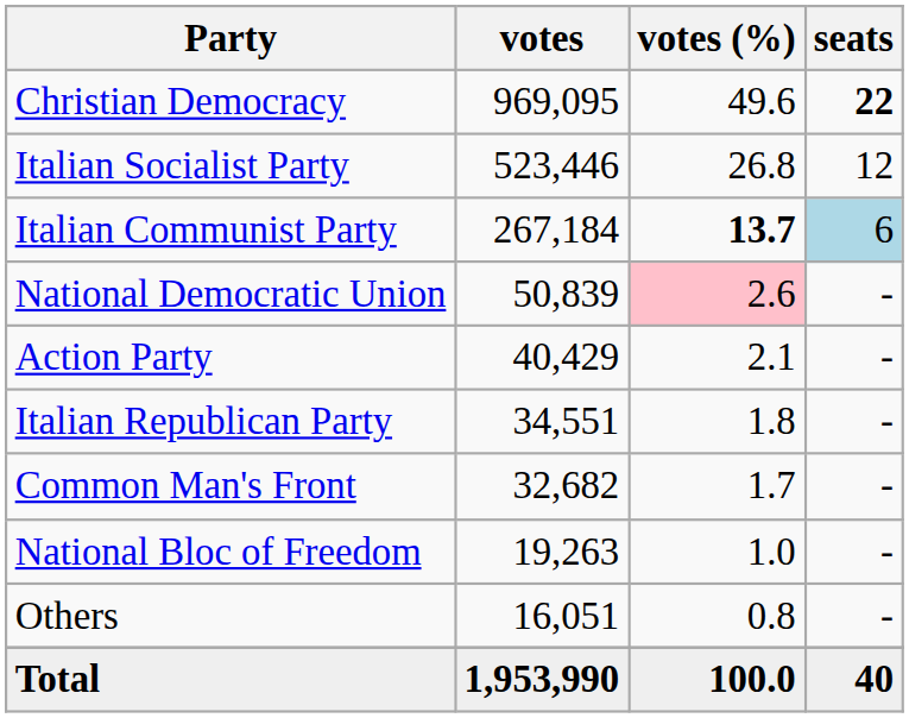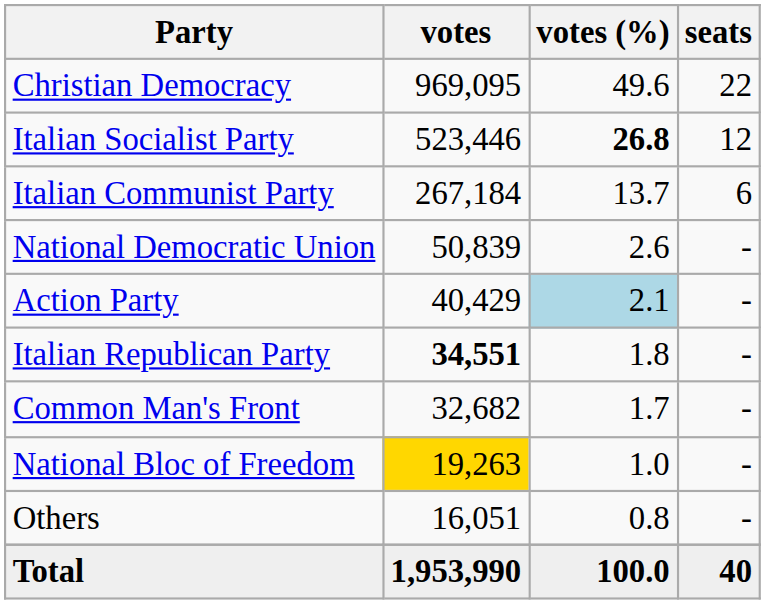 <table class="wikitable" style="font-size:95%">
 <tr bgcolor="EFEFEF">
 <th>Party</th>
 <th>votes</th>
 <th>votes (%)</th>
 <th>seats</th>
 </tr>
 <tr>
 <td><a href='#'>Christian Democracy</a></td>
 <td align=right>969,095</td>
 <td align=right>49.6</td>
-<td align=right><strong>22</strong></td>
+<td align=right>22</td>
 </tr>
 <tr>
 <td><a href='#'>Italian Socialist Party</a></td>
 <td align=right>523,446</td>
-<td align=right>26.8</td>
+<td align=right><strong>26.8</strong></td>
 <td align=right>12</td>
 </tr>
 <tr>
 <td><a href='#'>Italian Communist Party</a></td>
 <td align=right>267,184</td>
-<td align=right><strong>13.7</strong></td>
-<td align=right style="background: lightblue;">6</td>
+<td align=right>13.7</td>
+<td align=right>6</td>
 </tr>
 <tr>
 <td><a href='#'>National Democratic Union</a></td>
 <td align=right>50,839</td>
-<td align=right style="background: pink;">2.6</td>
+<td align=right>2.6</td>
 <td align=right>-</td>
 </tr>
 <tr>
 <td><a href='#'>Action Party</a></td>
 <td align=right>40,429</td>
-<td align=right>2.1</td>
+<td align=right style="background: lightblue;">2.1</td>
 <td align=right>-</td>
 </tr>
 <tr>
 <td><a href='#'>Italian Republican Party</a></td>
-<td align=right>34,551</td>
+<td align=right><strong>34,551</strong></td>
 <td align=right>1.8</td>
 <td align=right>-</td>
 </tr>
 <tr>
 <td><a href='#'>Common Man's Front</a></td>
 <td align=right>32,682</td>
 <td align=right>1.7</td>
 <td align=right>-</td>
 </tr>
 <tr>
 <td><a href='#'>National Bloc of Freedom</a></td>
-<td align=right>19,263</td>
+<td align=right style="background: gold;">19,263</td>
 <td align=right>1.0</td>
 <td align=right>-</td>
 </tr>
 <tr>
 <td>Others</td>
 <td align=right>16,051</td>
 <td align=right>0.8</td>
 <td align=right>-</td>
 </tr>
 <tr>
 </tr>
 <tr bgcolor="EFEFEF">
 <td><strong>Total</strong></td>
 <td align=right><strong>1,953,990</strong></td>
 <td align=right><strong>100.0</strong></td>
 <td align=right><strong>40</strong></td>
 </tr>
 </table>
